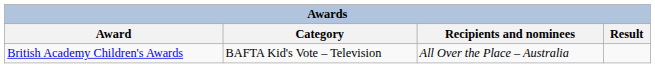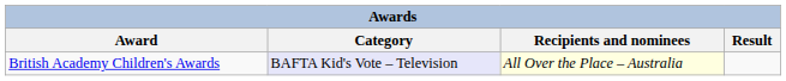 <table class="wikitable" style="width:95%;">
 <tr style="background:#ccc; text-align:center;">
 <th colspan="5" style="background: LightSteelBlue;">Awards</th>
 </tr>
 <tr style="background:#ccc; text-align:center;">
 <th>Award</th>
 <th>Category</th>
 <th>Recipients and nominees</th>
 <th>Result</th>
 </tr>
 <tr>
 <td><a href='#'>British Academy Children's Awards</a></td>
-<td>BAFTA Kid's Vote – Television</td>
-<td><em>All Over the Place – Australia</em></td>
+<td style="background: lavender;">BAFTA Kid's Vote – Television</td>
+<td style="background: lightyellow;"><em>All Over the Place – Australia</em></td>
 <td></td>
 </tr>
 </table>
